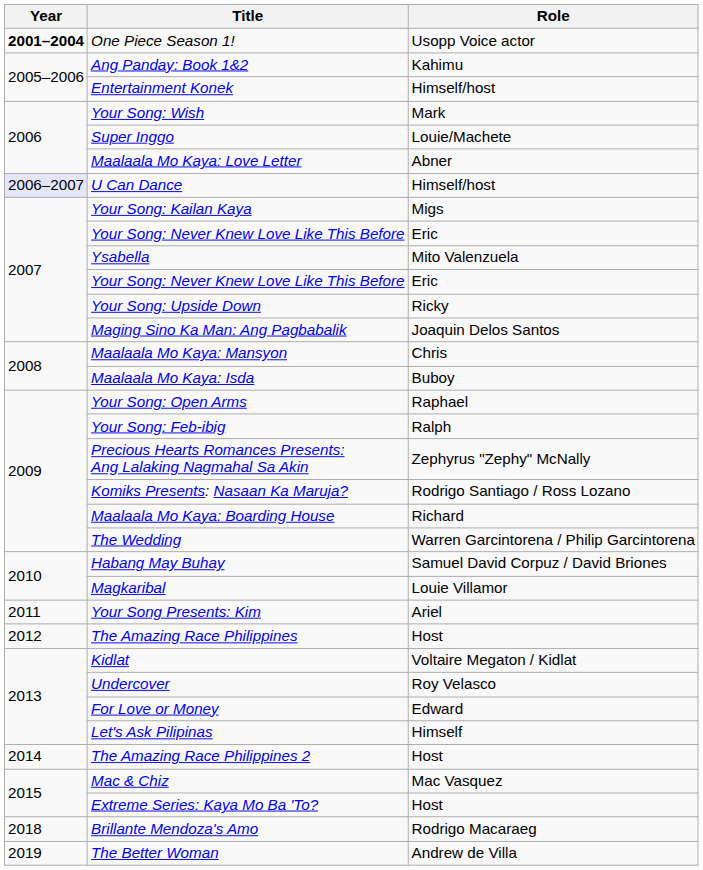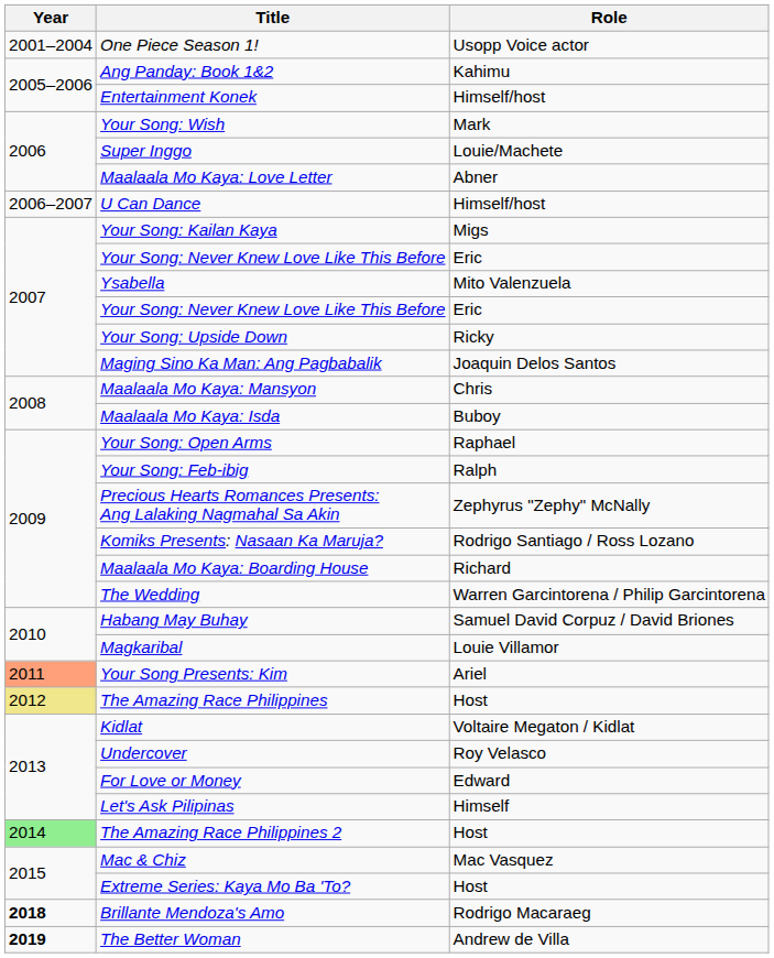 <table class="wikitable sortable">
 <tr>
 <th>Year</th>
 <th>Title</th>
 <th>Role</th>
 </tr>
 <tr>
-<td><strong>2001–2004</strong></td>
+<td>2001–2004</td>
 <td><em>One Piece Season 1!</em></td>
 <td>Usopp Voice actor</td>
 </tr>
 <tr>
 <td rowspan="2">2005–2006</td>
 <td><em><a href='#'>Ang Panday: Book 1&2</a></em></td>
 <td>Kahimu</td>
 </tr>
 <tr>
 <td><em><a href='#'>Entertainment Konek</a></em></td>
 <td>Himself/host</td>
 </tr>
 <tr>
 <td rowspan="3">2006</td>
 <td><em><a href='#'>Your Song: Wish</a></em></td>
 <td>Mark</td>
 </tr>
 <tr>
 <td><em><a href='#'>Super Inggo</a></em></td>
 <td>Louie/Machete</td>
 </tr>
 <tr>
 <td><em><a href='#'> Maalaala Mo Kaya: Love Letter</a></em></td>
 <td>Abner</td>
 </tr>
 <tr>
-<td style="background: lavender;">2006–2007</td>
+<td>2006–2007</td>
 <td><em><a href='#'>U Can Dance</a></em></td>
 <td>Himself/host</td>
 </tr>
 <tr>
 <td rowspan="6">2007</td>
 <td><em><a href='#'>Your Song: Kailan Kaya</a></em></td>
 <td>Migs</td>
 </tr>
 <tr>
 <td><em><a href='#'>Your Song: Never Knew Love Like This Before</a></em></td>
 <td>Eric</td>
 </tr>
 <tr>
 <td><em><a href='#'>Ysabella</a></em></td>
 <td>Mito Valenzuela</td>
 </tr>
 <tr>
 <td><em><a href='#'>Your Song: Never Knew Love Like This Before</a></em></td>
 <td>Eric</td>
 </tr>
 <tr>
 <td><em><a href='#'>Your Song: Upside Down</a></em></td>
 <td>Ricky</td>
 </tr>
 <tr>
 <td><em><a href='#'>Maging Sino Ka Man: Ang Pagbabalik</a></em></td>
 <td>Joaquin Delos Santos</td>
 </tr>
 <tr>
 <td rowspan="2">2008</td>
 <td><em><a href='#'>Maalaala Mo Kaya: Mansyon</a></em></td>
 <td>Chris</td>
 </tr>
 <tr>
 <td><em><a href='#'>Maalaala Mo Kaya: Isda</a></em></td>
 <td>Buboy</td>
 </tr>
 <tr>
 <td rowspan="6">2009</td>
 <td><em><a href='#'>Your Song: Open Arms</a></em></td>
 <td>Raphael</td>
 </tr>
 <tr>
 <td><em><a href='#'>Your Song: Feb-ibig</a></em></td>
 <td>Ralph</td>
 </tr>
 <tr>
 <td><em><a href='#'>Precious Hearts Romances Presents:<br>Ang Lalaking Nagmahal Sa Akin</a></em></td>
 <td>Zephyrus "Zephy" McNally</td>
 </tr>
 <tr>
 <td><em><a href='#'>Komiks Presents</a>: <a href='#'>Nasaan Ka Maruja?</a></em></td>
 <td>Rodrigo Santiago / Ross Lozano</td>
 </tr>
 <tr>
 <td><em><a href='#'>Maalaala Mo Kaya: Boarding House</a></em></td>
 <td>Richard</td>
 </tr>
 <tr>
 <td><em><a href='#'>The Wedding</a></em></td>
 <td>Warren Garcintorena / Philip Garcintorena</td>
 </tr>
 <tr>
 <td rowspan="2">2010</td>
 <td><em><a href='#'>Habang May Buhay</a></em></td>
 <td>Samuel David Corpuz / David Briones</td>
 </tr>
 <tr>
 <td><em><a href='#'>Magkaribal</a></em></td>
 <td>Louie Villamor</td>
 </tr>
 <tr>
-<td>2011</td>
+<td style="background: lightsalmon;">2011</td>
 <td><em><a href='#'>Your Song Presents: Kim</a></em></td>
 <td>Ariel</td>
 </tr>
 <tr>
-<td>2012</td>
+<td style="background: khaki;">2012</td>
 <td><em><a href='#'>The Amazing Race Philippines</a></em></td>
 <td>Host</td>
 </tr>
 <tr>
 <td rowspan="4">2013</td>
 <td><em><a href='#'>Kidlat</a></em></td>
 <td>Voltaire Megaton / Kidlat</td>
 </tr>
 <tr>
 <td><em><a href='#'>Undercover</a></em></td>
 <td>Roy Velasco</td>
 </tr>
 <tr>
 <td><em><a href='#'>For Love or Money</a></em></td>
 <td>Edward</td>
 </tr>
 <tr>
 <td><em><a href='#'>Let's Ask Pilipinas</a></em></td>
 <td>Himself</td>
 </tr>
 <tr>
-<td>2014</td>
+<td style="background: lightgreen;">2014</td>
 <td><em><a href='#'>The Amazing Race Philippines 2</a></em></td>
 <td>Host</td>
 </tr>
 <tr>
 <td rowspan="2">2015</td>
 <td><em><a href='#'>Mac & Chiz</a></em></td>
 <td>Mac Vasquez</td>
 </tr>
 <tr>
 <td><em><a href='#'>Extreme Series: Kaya Mo Ba 'To?</a></em></td>
 <td>Host</td>
 </tr>
 <tr>
-<td>2018</td>
+<td><strong>2018</strong></td>
 <td><em><a href='#'>Brillante Mendoza's Amo</a></em></td>
 <td>Rodrigo Macaraeg</td>
 </tr>
 <tr>
-<td>2019</td>
+<td><strong>2019</strong></td>
 <td><em><a href='#'>The Better Woman</a></em></td>
 <td>Andrew de Villa</td>
 </tr>
 </table>
